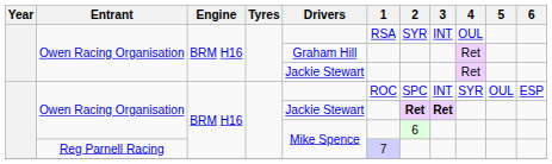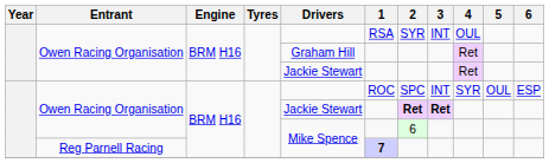 <table class="wikitable" style="text-align:center; font-size:95%">
 <tr>
 <th>Year</th>
 <th>Entrant</th>
 <th>Engine</th>
 <th>Tyres</th>
 <th>Drivers</th>
 <th>1</th>
 <th>2</th>
 <th>3</th>
 <th>4</th>
 <th>5</th>
 <th>6</th>
 </tr>
 <tr>
 <th rowspan="3"></th>
 <td rowspan="3"><a href='#'>Owen Racing Organisation</a></td>
 <td rowspan="3"><a href='#'>BRM</a> <a href='#'>H16</a></td>
 <td rowspan="3"></td>
 <td></td>
 <td><a href='#'>RSA</a></td>
 <td><a href='#'>SYR</a></td>
 <td><a href='#'>INT</a></td>
 <td><a href='#'>OUL</a></td>
 <td></td>
 <td></td>
 </tr>
 <tr>
 <td><a href='#'>Graham Hill</a></td>
 <td></td>
 <td></td>
 <td></td>
 <td style="background:#EFCFFF;">Ret</td>
 <td></td>
 <td></td>
 </tr>
 <tr>
 <td><a href='#'>Jackie Stewart</a></td>
 <td></td>
 <td></td>
 <td></td>
 <td style="background:#EFCFFF;">Ret</td>
 <td></td>
 <td></td>
 </tr>
 <tr>
 <th rowspan="4"></th>
 <td rowspan="3"><a href='#'>Owen Racing Organisation</a></td>
 <td rowspan="4"><a href='#'>BRM</a> <a href='#'>H16</a></td>
 <td rowspan="4"></td>
 <td></td>
 <td><a href='#'>ROC</a></td>
 <td><a href='#'>SPC</a></td>
 <td><a href='#'>INT</a></td>
 <td><a href='#'>SYR</a></td>
 <td><a href='#'>OUL</a></td>
 <td><a href='#'>ESP</a></td>
 </tr>
 <tr>
 <td><a href='#'>Jackie Stewart</a></td>
 <td></td>
 <td style="background:#EFCFFF;"><strong>Ret</strong></td>
 <td style="background:#EFCFFF;"><strong>Ret</strong></td>
 <td></td>
 <td></td>
 <td></td>
 </tr>
 <tr>
 <td rowspan="2"><a href='#'>Mike Spence</a></td>
 <td></td>
 <td style="background:#dfffdf;">6</td>
 <td></td>
 <td></td>
 <td></td>
 <td></td>
 </tr>
 <tr>
 <td><a href='#'>Reg Parnell Racing</a></td>
-<td style="background:#cfcfff;">7</td>
+<td style="background:#cfcfff;"><strong>7</strong></td>
 <td></td>
 <td></td>
 <td></td>
 <td></td>
 <td></td>
 </tr>
 <tr>
 </tr>
 </table>
